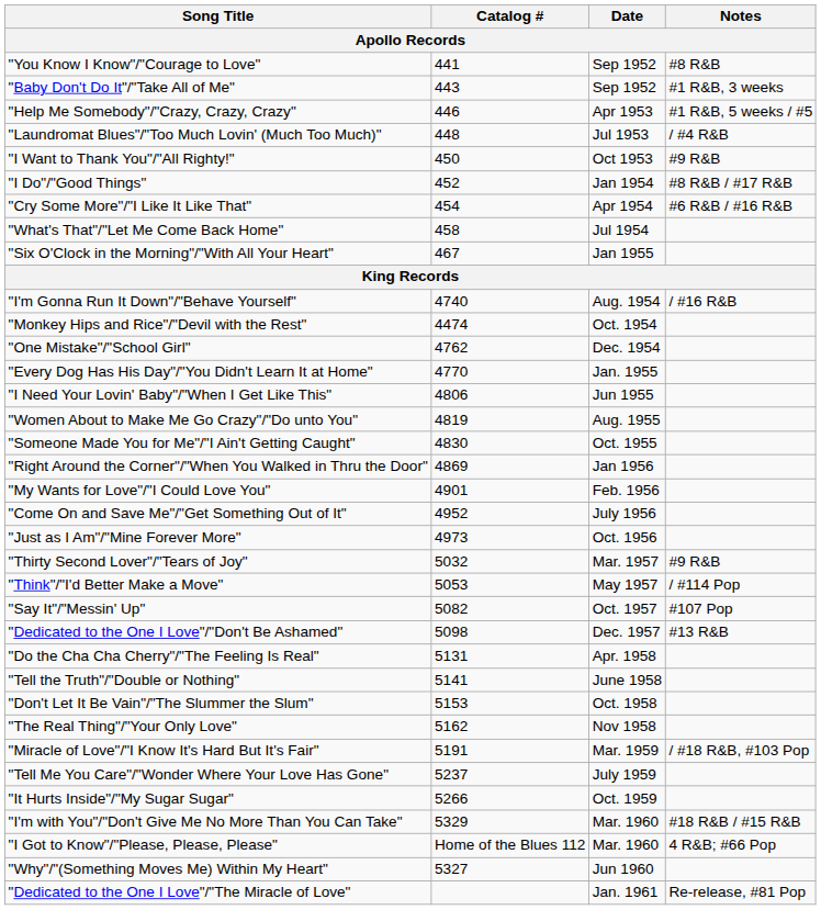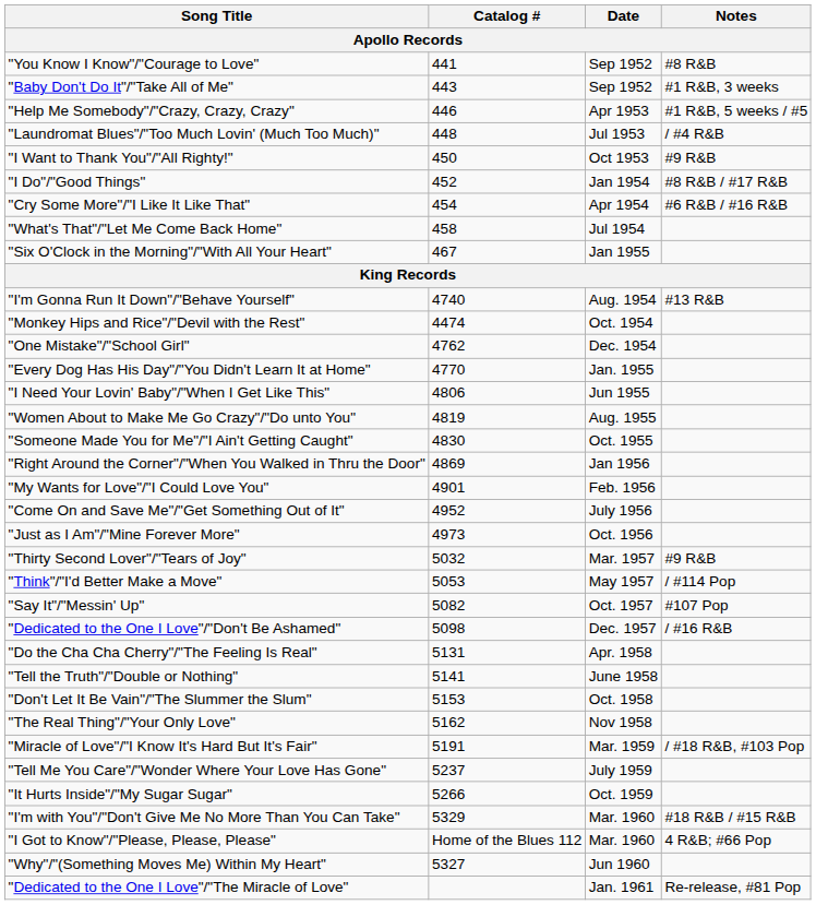 <table class="wikitable">
 <tr>
 <th>Song Title</th>
 <th>Catalog #</th>
 <th>Date</th>
 <th>Notes</th>
 </tr>
 <tr>
 <th colspan="4">Apollo Records</th>
 </tr>
 <tr>
 <td>"You Know I Know"/"Courage to Love"</td>
 <td>441</td>
 <td>Sep 1952</td>
 <td>#8 R&B</td>
 </tr>
 <tr>
 <td>"<a href='#'>Baby Don't Do It</a>"/"Take All of Me"</td>
 <td>443</td>
 <td>Sep 1952</td>
 <td>#1 R&B, 3 weeks</td>
 </tr>
 <tr>
 <td>"Help Me Somebody"/"Crazy, Crazy, Crazy"</td>
 <td>446</td>
 <td>Apr 1953</td>
 <td>#1 R&B, 5 weeks / #5</td>
 </tr>
 <tr>
 <td>"Laundromat Blues"/"Too Much Lovin' (Much Too Much)"</td>
 <td>448</td>
 <td>Jul 1953</td>
 <td>/ #4 R&B</td>
 </tr>
 <tr>
 <td>"I Want to Thank You"/"All Righty!"</td>
 <td>450</td>
 <td>Oct 1953</td>
 <td>#9 R&B</td>
 </tr>
 <tr>
 <td>"I Do"/"Good Things"</td>
 <td>452</td>
 <td>Jan 1954</td>
 <td>#8 R&B / #17 R&B</td>
 </tr>
 <tr>
 <td>"Cry Some More"/"I Like It Like That"</td>
 <td>454</td>
 <td>Apr 1954</td>
 <td>#6 R&B / #16 R&B</td>
 </tr>
 <tr>
 <td>"What's That"/"Let Me Come Back Home"</td>
 <td>458</td>
 <td>Jul 1954</td>
 <td></td>
 </tr>
 <tr>
 <td>"Six O'Clock in the Morning"/"With All Your Heart"</td>
 <td>467</td>
 <td>Jan 1955</td>
 <td></td>
 </tr>
 <tr>
 <th colspan="4">King Records</th>
 </tr>
 <tr>
 <td>"I'm Gonna Run It Down"/"Behave Yourself"</td>
 <td>4740</td>
 <td>Aug. 1954</td>
-<td>/ #16 R&B</td>
+<td>#13 R&B</td>
 </tr>
 <tr>
 <td>"Monkey Hips and Rice"/"Devil with the Rest"</td>
 <td>4474</td>
 <td>Oct. 1954</td>
 <td></td>
 </tr>
 <tr>
 <td>"One Mistake"/"School Girl"</td>
 <td>4762</td>
 <td>Dec. 1954</td>
 <td></td>
 </tr>
 <tr>
 <td>"Every Dog Has His Day"/"You Didn't Learn It at Home"</td>
 <td>4770</td>
 <td>Jan. 1955</td>
 <td></td>
 </tr>
 <tr>
 <td>"I Need Your Lovin' Baby"/"When I Get Like This"</td>
 <td>4806</td>
 <td>Jun 1955</td>
 <td></td>
 </tr>
 <tr>
 <td>"Women About to Make Me Go Crazy"/"Do unto You"</td>
 <td>4819</td>
 <td>Aug. 1955</td>
 <td></td>
 </tr>
 <tr>
 <td>"Someone Made You for Me"/"I Ain't Getting Caught"</td>
 <td>4830</td>
 <td>Oct. 1955</td>
 <td></td>
 </tr>
 <tr>
 <td>"Right Around the Corner"/"When You Walked in Thru the Door"</td>
 <td>4869</td>
 <td>Jan 1956</td>
 <td></td>
 </tr>
 <tr>
 <td>"My Wants for Love"/"I Could Love You"</td>
 <td>4901</td>
 <td>Feb. 1956</td>
 </tr>
 <tr>
 <td>"Come On and Save Me"/"Get Something Out of It"</td>
 <td>4952</td>
 <td>July 1956</td>
 <td></td>
 </tr>
 <tr>
 <td>"Just as I Am"/"Mine Forever More"</td>
 <td>4973</td>
 <td>Oct. 1956</td>
 <td></td>
 </tr>
 <tr>
 <td>"Thirty Second Lover"/"Tears of Joy"</td>
 <td>5032</td>
 <td>Mar. 1957</td>
 <td>#9 R&B</td>
 </tr>
 <tr>
 <td>"<a href='#'>Think</a>"/"I'd Better Make a Move"</td>
 <td>5053</td>
 <td>May 1957</td>
 <td>/ #114 Pop</td>
 </tr>
 <tr>
 <td>"Say It"/"Messin' Up"</td>
 <td>5082</td>
 <td>Oct. 1957</td>
 <td>#107 Pop</td>
 </tr>
 <tr>
 <td>"<a href='#'>Dedicated to the One I Love</a>"/"Don't Be Ashamed"</td>
 <td>5098</td>
 <td>Dec. 1957</td>
-<td>#13 R&B</td>
+<td>/ #16 R&B</td>
 </tr>
 <tr>
 <td>"Do the Cha Cha Cherry"/"The Feeling Is Real"</td>
 <td>5131</td>
 <td>Apr. 1958</td>
 <td></td>
 </tr>
 <tr>
 <td>"Tell the Truth"/"Double or Nothing"</td>
 <td>5141</td>
 <td>June 1958</td>
 <td></td>
 </tr>
 <tr>
 <td>"Don't Let It Be Vain"/"The Slummer the Slum"</td>
 <td>5153</td>
 <td>Oct. 1958</td>
 <td></td>
 </tr>
 <tr>
 <td>"The Real Thing"/"Your Only Love"</td>
 <td>5162</td>
 <td>Nov 1958</td>
 <td></td>
 </tr>
 <tr>
 <td>"Miracle of Love"/"I Know It's Hard But It's Fair"</td>
 <td>5191</td>
 <td>Mar. 1959</td>
 <td>/ #18 R&B, #103 Pop</td>
 </tr>
 <tr>
 <td>"Tell Me You Care"/"Wonder Where Your Love Has Gone"</td>
 <td>5237</td>
 <td>July 1959</td>
 <td></td>
 </tr>
 <tr>
 <td>"It Hurts Inside"/"My Sugar Sugar"</td>
 <td>5266</td>
 <td>Oct. 1959</td>
 <td></td>
 </tr>
 <tr>
 <td>"I'm with You"/"Don't Give Me No More Than You Can Take"</td>
 <td>5329</td>
 <td>Mar. 1960</td>
 <td>#18 R&B / #15 R&B</td>
 </tr>
 <tr>
 <td>"I Got to Know"/"Please, Please, Please"</td>
 <td>Home of the Blues 112</td>
 <td>Mar. 1960</td>
 <td>4 R&B; #66 Pop</td>
 </tr>
 <tr>
 <td>"Why"/"(Something Moves Me) Within My Heart"</td>
 <td>5327</td>
 <td>Jun 1960</td>
 <td></td>
 </tr>
 <tr>
 <td>"<a href='#'>Dedicated to the One I Love</a>"/"The Miracle of Love"</td>
 <td></td>
 <td>Jan. 1961</td>
 <td>Re-release, #81 Pop</td>
 </tr>
 </table>
